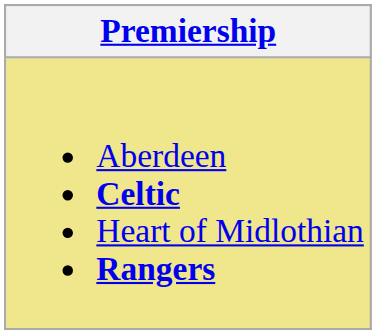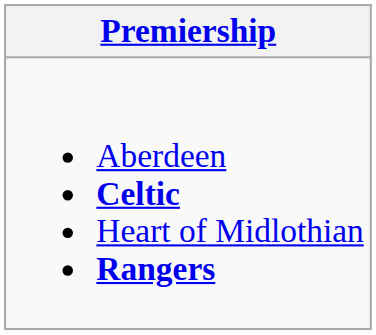 <table class="wikitable" style="text-align:left">
 <tr>
 <th><a href='#'>Premiership</a></th>
 </tr>
 <tr>
-<td valign="top" style="background: khaki;"><br><ul><li><a href='#'>Aberdeen</a></li><li><strong><a href='#'>Celtic</a></strong></li><li><a href='#'>Heart of Midlothian</a></li><li><strong><a href='#'>Rangers</a></strong></li></ul></td>
+<td valign="top"><br><ul><li><a href='#'>Aberdeen</a></li><li><strong><a href='#'>Celtic</a></strong></li><li><a href='#'>Heart of Midlothian</a></li><li><strong><a href='#'>Rangers</a></strong></li></ul></td>
 </tr>
 </table>
